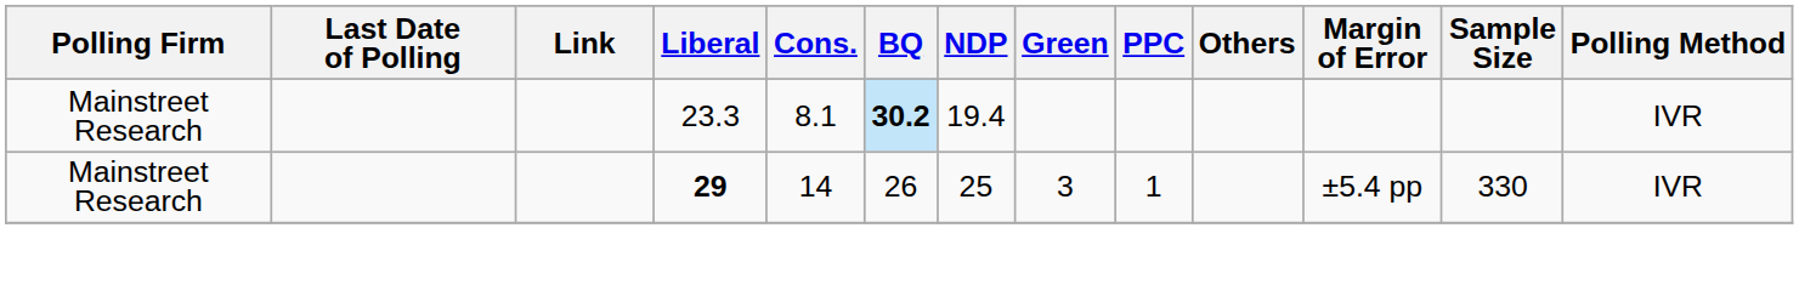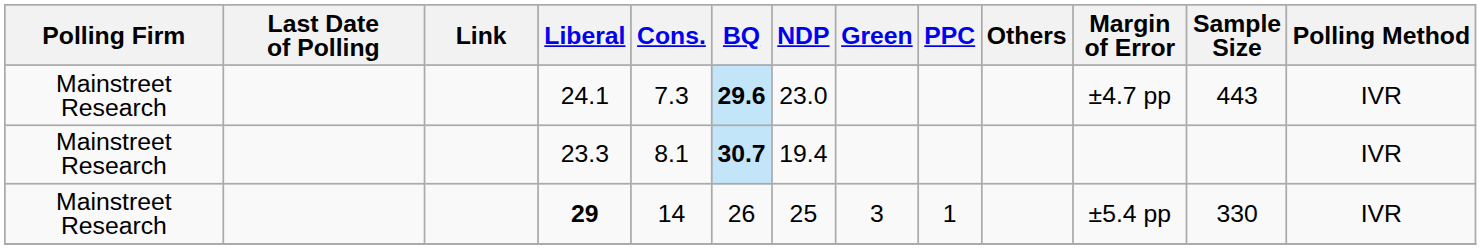 <table class="wikitable sortable" style="text-align:center;font-size:90%;line-height:14px;">
 <tr style="background:#e9e9e9;">
 <th style="width:120px">Polling Firm</th>
 <th style="width:110px">Last Date<br>of Polling</th>
 <th style="width:60px" class="unsortable">Link</th>
 <th style="background-color:"><a href='#'>Liberal</a></th>
 <th style="background-color:"><a href='#'>Cons.</a></th>
 <th style="background-color:"><a href='#'>BQ</a></th>
 <th style="background-color:"><a href='#'>NDP</a></th>
 <th style="background-color:"><a href='#'>Green</a></th>
 <th style="background-color:"><a href='#'><span>PPC</span></a></th>
 <th style="background-color:">Others</th>
 <th style="width:60px;" class=unsortable>Margin<br>of Error</th>
 <th style="width:50px;" class=unsortable>Sample<br>Size</th>
 <th class=unsortable>Polling Method</th>
 </tr>
 <tr>
 <td>Mainstreet Research</td>
 <td></td>
 <td></td>
+<td>24.1</td>
+<td>7.3</td>
+<td style="background:#C2E5F9"><strong>29.6</strong></td>
+<td>23.0</td>
+<td></td>
+<td></td>
+<td></td>
+<td>±4.7 pp</td>
+<td>443</td>
+<td>IVR</td>
+</tr>
+<tr>
+<td>Mainstreet Research</td>
+<td></td>
+<td></td>
 <td>23.3</td>
 <td>8.1</td>
-<td style="background:#C2E5F9"><strong>30.2</strong></td>
+<td style="background:#C2E5F9"><strong>30.7</strong></td>
 <td>19.4</td>
 <td></td>
 <td></td>
 <td></td>
 <td></td>
 <td></td>
 <td>IVR</td>
 </tr>
 <tr>
 <td>Mainstreet Research</td>
 <td></td>
 <td></td>
 <td><strong>29</strong></td>
 <td>14</td>
 <td>26</td>
 <td>25</td>
 <td>3</td>
 <td>1</td>
 <td></td>
 <td>±5.4 pp</td>
 <td>330</td>
 <td>IVR</td>
 </tr>
 <tr>
 </tr>
 </table>
